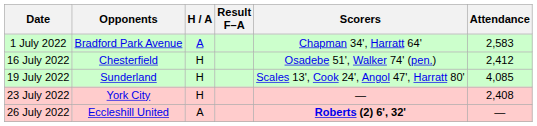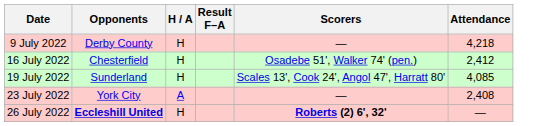 <table class="wikitable" style="text-align:center">
 <tr>
 <th>Date</th>
 <th>Opponents</th>
 <th>H / A</th>
 <th>Result<br>F–A</th>
 <th>Scorers</th>
 <th>Attendance</th>
 </tr>
-<tr bgcolor="#ccffcc">
-<td>1 July 2022</td>
-<td><a href='#'>Bradford Park Avenue</a></td>
-<td><a href='#'>A</a></td>
+<tr bgcolor="#ffcccc">
+<td>9 July 2022</td>
+<td><a href='#'>Derby County</a></td>
+<td>H</td>
 <td></td>
-<td><a href='#'>Chapman</a> 34', <a href='#'>Harratt</a> 64'</td>
-<td>2,583</td>
+<td>—</td>
+<td>4,218</td>
 </tr>
 <tr bgcolor="#ccffcc">
 <td>16 July 2022</td>
 <td><a href='#'>Chesterfield</a></td>
 <td>H</td>
 <td></td>
 <td><a href='#'>Osadebe</a> 51', <a href='#'>Walker</a> 74' (<a href='#'>pen.</a>)</td>
 <td>2,412</td>
 </tr>
 <tr bgcolor="#ccffcc">
 <td>19 July 2022</td>
 <td><a href='#'>Sunderland</a></td>
 <td>H</td>
 <td></td>
 <td><a href='#'>Scales</a> 13', <a href='#'>Cook</a> 24', <a href='#'>Angol</a> 47', <a href='#'>Harratt</a> 80'</td>
 <td>4,085</td>
 </tr>
 <tr bgcolor="#ffcccc">
 <td>23 July 2022</td>
 <td><a href='#'>York City</a></td>
-<td>H</td>
+<td><a href='#'>A</a></td>
 <td></td>
 <td>—</td>
 <td>2,408</td>
 </tr>
 <tr bgcolor="#ffcccc">
 <td>26 July 2022</td>
-<td><a href='#'>Eccleshill United</a></td>
-<td>A</td>
+<td><strong><a href='#'>Eccleshill United</a></strong></td>
+<td>H</td>
 <td></td>
 <td><strong><a href='#'>Roberts</a> (2) 6', 32'</strong></td>
 <td>—</td>
 </tr>
 </table>
